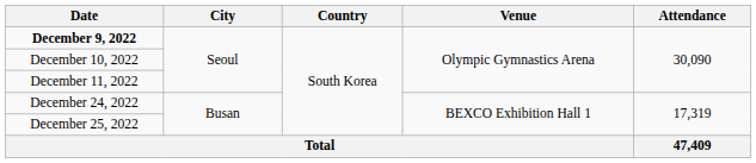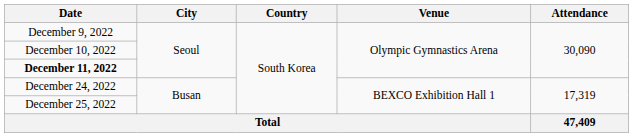 <table class="wikitable" style="text-align:center;">
 <tr>
 <th scope="col" style="width:12em;">Date</th>
 <th scope="col" style="width:9em;">City</th>
 <th scope="col" style="width:9em;">Country</th>
 <th scope="col" style="width:18em;">Venue</th>
 <th scope="col" style="width:8.5em;">Attendance</th>
 </tr>
 <tr>
-<td><strong>December 9, 2022</strong></td>
+<td>December 9, 2022</td>
 <td rowspan="3">Seoul</td>
 <td rowspan="5">South Korea</td>
 <td rowspan="3">Olympic Gymnastics Arena</td>
 <td rowspan="3">30,090</td>
 </tr>
 <tr>
 <td>December 10, 2022</td>
 </tr>
 <tr>
-<td>December 11, 2022</td>
+<td><strong>December 11, 2022</strong></td>
 </tr>
 <tr>
 <td>December 24, 2022</td>
 <td rowspan="2">Busan</td>
 <td rowspan="2">BEXCO Exhibition Hall 1</td>
 <td rowspan="2">17,319</td>
 </tr>
 <tr>
 <td>December 25, 2022</td>
 </tr>
 <tr>
 <th colspan="4">Total</th>
 <th>47,409</th>
 </tr>
 </table>
